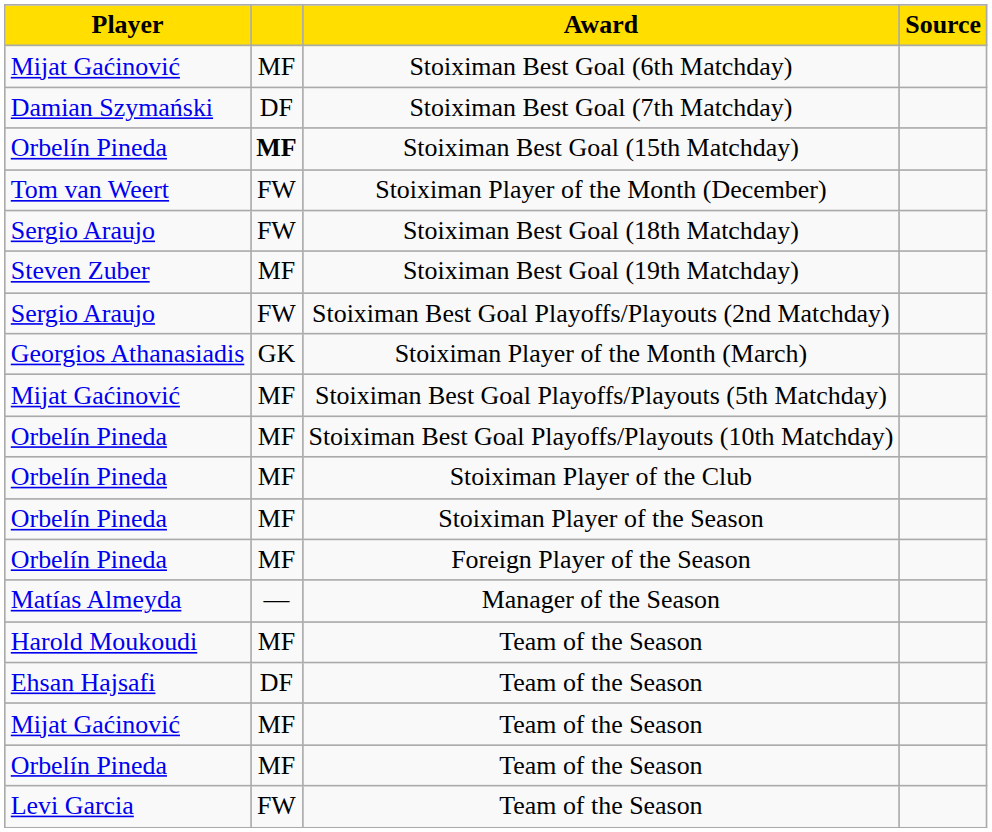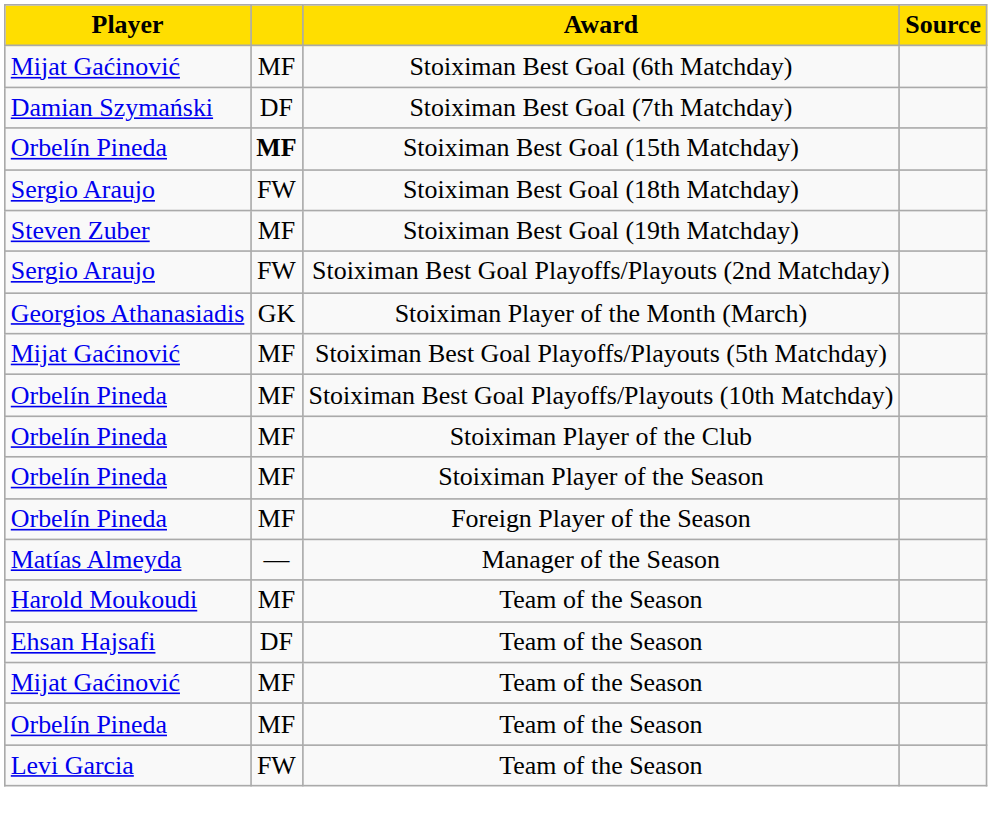 <table class="wikitable">
 <tr>
 <th style="background:#FFDE00">Player</th>
 <th style="background:#FFDE00"></th>
 <th style="background:#FFDE00">Award</th>
 <th style="background:#FFDE00">Source</th>
 </tr>
 <tr>
 <td> <a href='#'>Mijat Gaćinović</a></td>
 <td align="center">MF</td>
 <td align="center">Stoiximan Best Goal (6th Matchday)</td>
 <td align="center"></td>
 </tr>
 <tr>
 <td> <a href='#'>Damian Szymański</a></td>
 <td align="center">DF</td>
 <td align="center">Stoiximan Best Goal (7th Matchday)</td>
 <td align="center"></td>
 </tr>
 <tr>
 <td> <a href='#'>Orbelín Pineda</a></td>
 <td align="center"><strong>MF</strong></td>
 <td align="center">Stoiximan Best Goal (15th Matchday)</td>
-<td align="center"></td>
-</tr>
-<tr>
-<td> <a href='#'>Tom van Weert</a></td>
-<td align="center">FW</td>
-<td align="center">Stoiximan Player of the Month (December)</td>
 <td align="center"></td>
 </tr>
 <tr>
 <td> <a href='#'>Sergio Araujo</a></td>
 <td align="center">FW</td>
 <td align="center">Stoiximan Best Goal (18th Matchday)</td>
 <td align="center"></td>
 </tr>
 <tr>
 <td> <a href='#'>Steven Zuber</a></td>
 <td align="center">MF</td>
 <td align="center">Stoiximan Best Goal (19th Matchday)</td>
 <td align="center"></td>
 </tr>
 <tr>
 <td> <a href='#'>Sergio Araujo</a></td>
 <td align="center">FW</td>
 <td align="center">Stoiximan Best Goal Playoffs/Playouts (2nd Matchday)</td>
 <td align="center"></td>
 </tr>
 <tr>
 <td> <a href='#'>Georgios Athanasiadis</a></td>
 <td align="center">GK</td>
 <td align="center">Stoiximan Player of the Month (March)</td>
 <td align="center"></td>
 </tr>
 <tr>
 <td> <a href='#'>Mijat Gaćinović</a></td>
 <td align="center">MF</td>
 <td align="center">Stoiximan Best Goal Playoffs/Playouts (5th Matchday)</td>
 <td align="center"></td>
 </tr>
 <tr>
 <td> <a href='#'>Orbelín Pineda</a></td>
 <td align="center">MF</td>
 <td align="center">Stoiximan Best Goal Playoffs/Playouts (10th Matchday)</td>
 <td align="center"></td>
 </tr>
 <tr>
 <td> <a href='#'>Orbelín Pineda</a></td>
 <td align="center">MF</td>
 <td align="center">Stoiximan Player of the Club</td>
 <td align="center"></td>
 </tr>
 <tr>
 <td> <a href='#'>Orbelín Pineda</a></td>
 <td align="center">MF</td>
 <td align="center">Stoiximan Player of the Season</td>
 <td align="center"></td>
 </tr>
 <tr>
 <td> <a href='#'>Orbelín Pineda</a></td>
 <td align="center">MF</td>
 <td align="center">Foreign Player of the Season</td>
 <td align="center"></td>
 </tr>
 <tr>
 <td> <a href='#'>Matías Almeyda</a></td>
 <td align="center">—</td>
 <td align="center">Manager of the Season</td>
 <td align="center"></td>
 </tr>
 <tr>
 <td> <a href='#'>Harold Moukoudi</a></td>
 <td align="center">MF</td>
 <td align="center">Team of the Season</td>
 <td align="center"></td>
 </tr>
 <tr>
 <td> <a href='#'>Ehsan Hajsafi</a></td>
 <td align="center">DF</td>
 <td align="center">Team of the Season</td>
 <td align="center"></td>
 </tr>
 <tr>
 <td> <a href='#'>Mijat Gaćinović</a></td>
 <td align="center">MF</td>
 <td align="center">Team of the Season</td>
 <td align="center"></td>
 </tr>
 <tr>
 <td> <a href='#'>Orbelín Pineda</a></td>
 <td align="center">MF</td>
 <td align="center">Team of the Season</td>
 <td align="center"></td>
 </tr>
 <tr>
 <td> <a href='#'>Levi Garcia</a></td>
 <td align="center">FW</td>
 <td align="center">Team of the Season</td>
 <td align="center"></td>
 </tr>
 </table>
